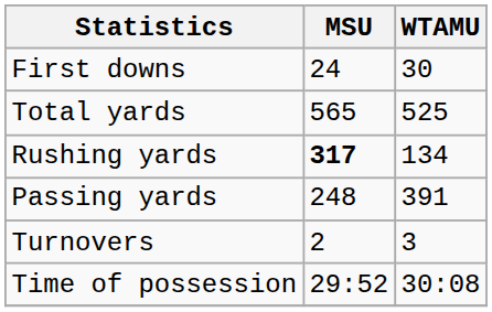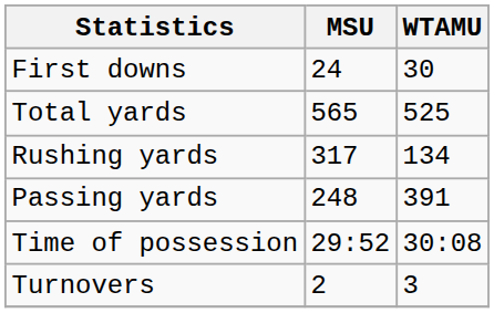 <table class="wikitable">
 <tr>
 <th>Statistics</th>
 <th>MSU</th>
 <th>WTAMU</th>
 </tr>
 <tr>
 <td>First downs</td>
 <td>24</td>
 <td>30</td>
 </tr>
 <tr>
 <td>Total yards</td>
 <td>565</td>
 <td>525</td>
 </tr>
 <tr>
 <td>Rushing yards</td>
-<td><strong>317</strong></td>
+<td>317</td>
 <td>134</td>
 </tr>
 <tr>
 <td>Passing yards</td>
 <td>248</td>
 <td>391</td>
 </tr>
 <tr>
+<td>Time of possession</td>
+<td>29:52</td>
+<td>30:08</td>
+</tr>
+<tr>
 <td>Turnovers</td>
 <td>2</td>
 <td>3</td>
 </tr>
 <tr>
-<td>Time of possession</td>
-<td>29:52</td>
-<td>30:08</td>
-</tr>
-<tr>
 </tr>
 </table>
